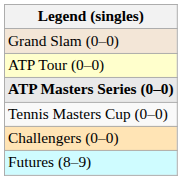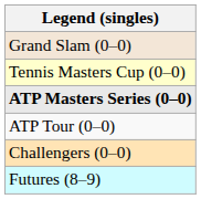 <table class="wikitable">
 <tr>
 <th>Legend (singles)</th>
 </tr>
 <tr style="background:#f3e6d7;">
 <td>Grand Slam (0–0)</td>
 </tr>
 <tr style="background:#ffc;">
-<td>ATP Tour (0–0)</td>
+<td>Tennis Masters Cup (0–0)</td>
 </tr>
 <tr style="background:#e9e9e9;">
 <td><strong>ATP Masters Series (0–0)</strong></td>
 </tr>
 <tr>
-<td>Tennis Masters Cup (0–0)</td>
+<td>ATP Tour (0–0)</td>
 </tr>
 <tr bgcolor="moccasin">
 <td>Challengers (0–0)</td>
 </tr>
 <tr style="background:#cffcff;">
 <td>Futures (8–9)</td>
 </tr>
 </table>
